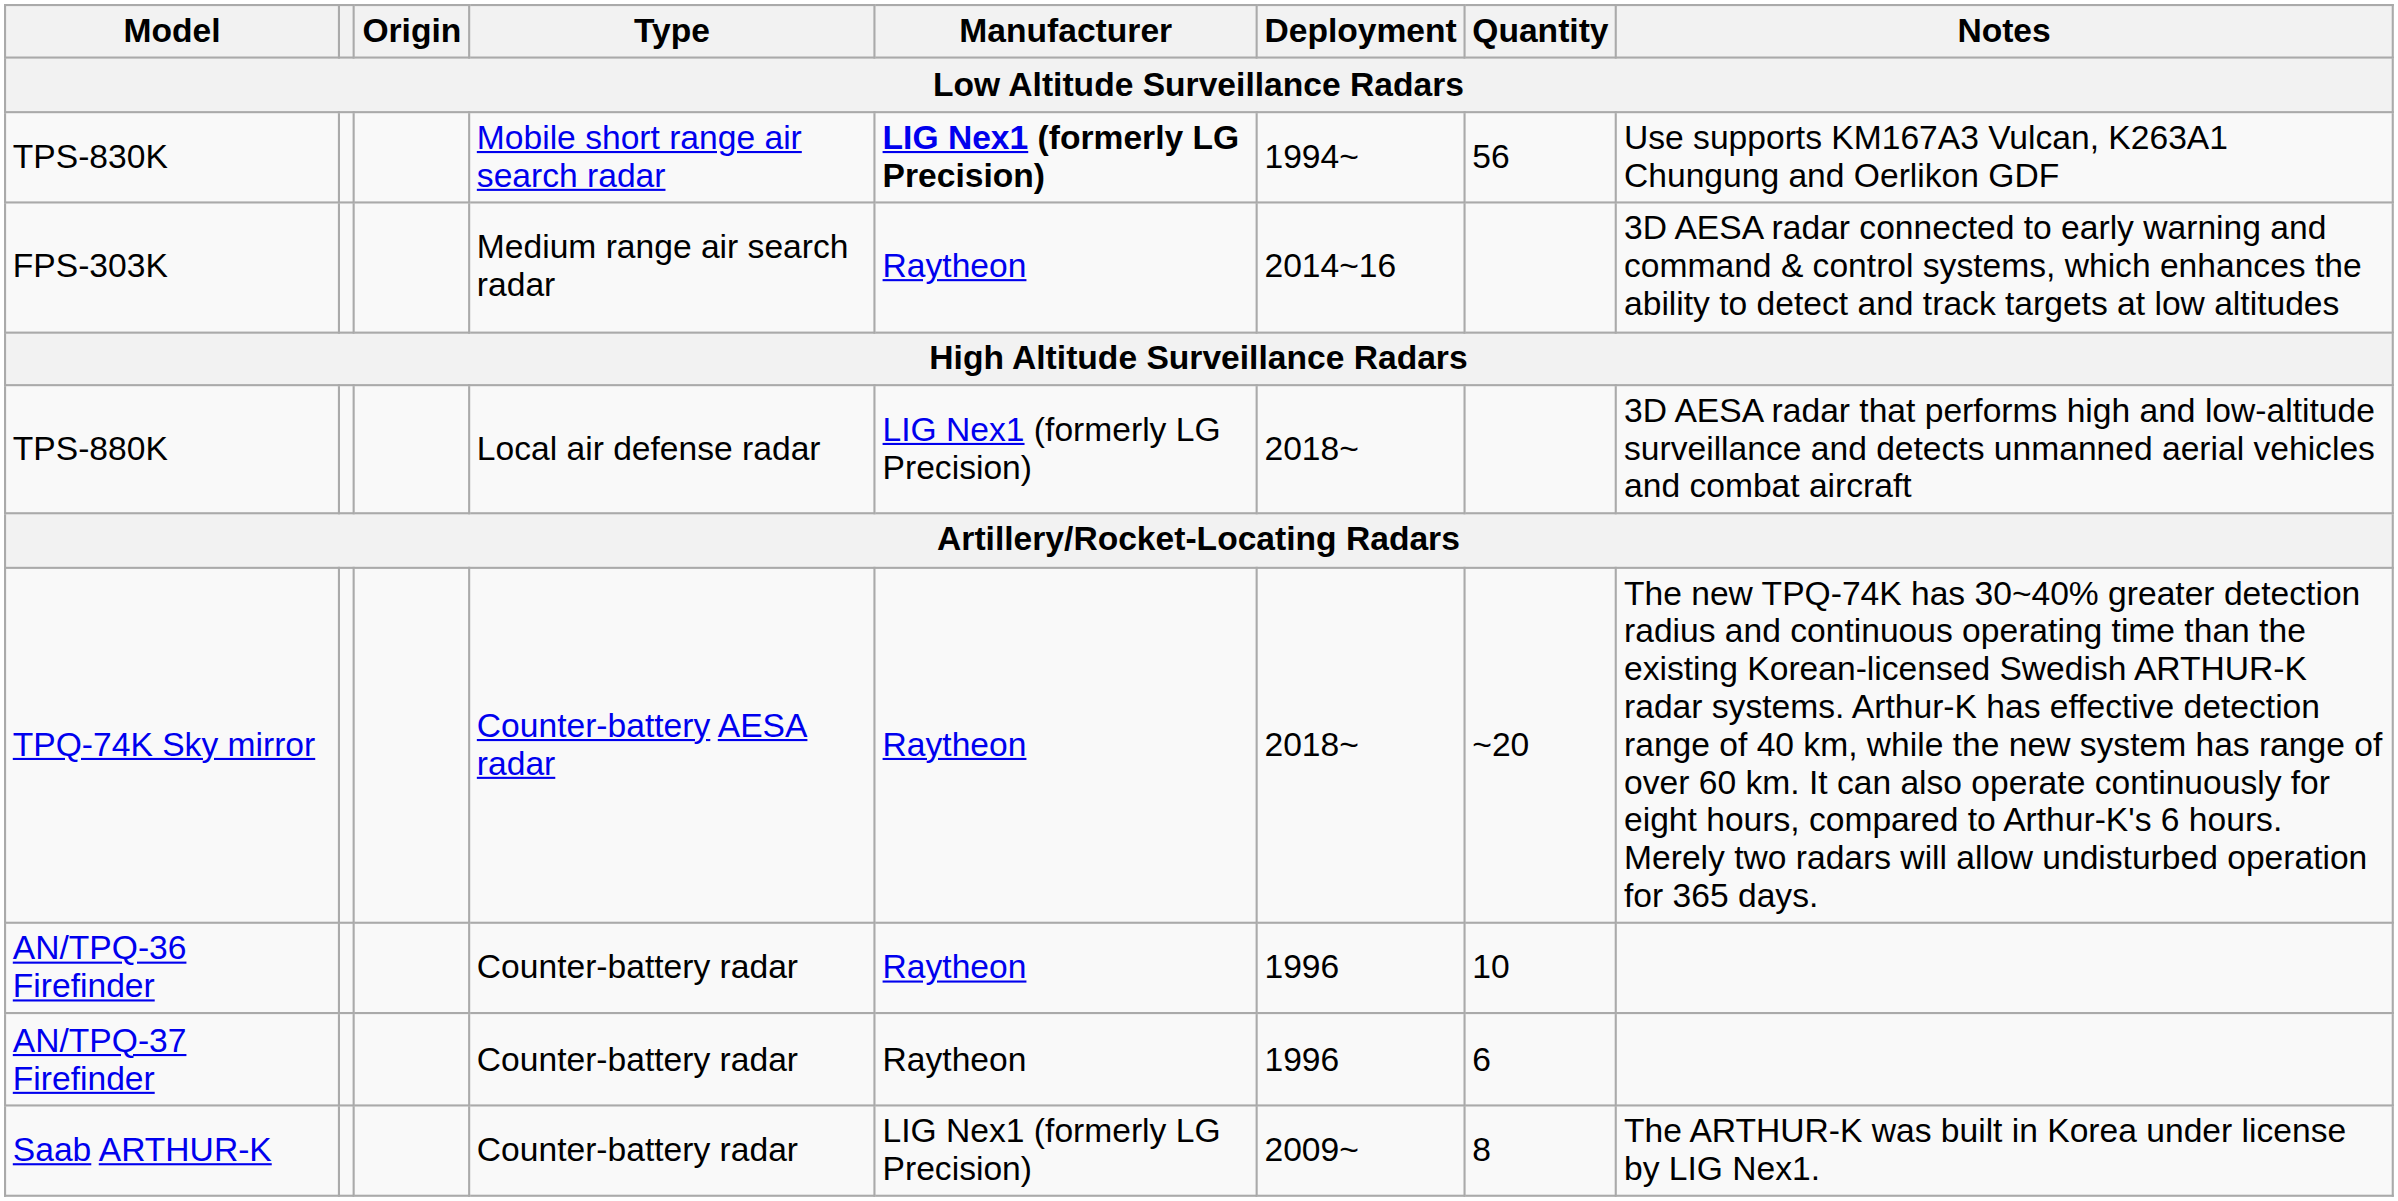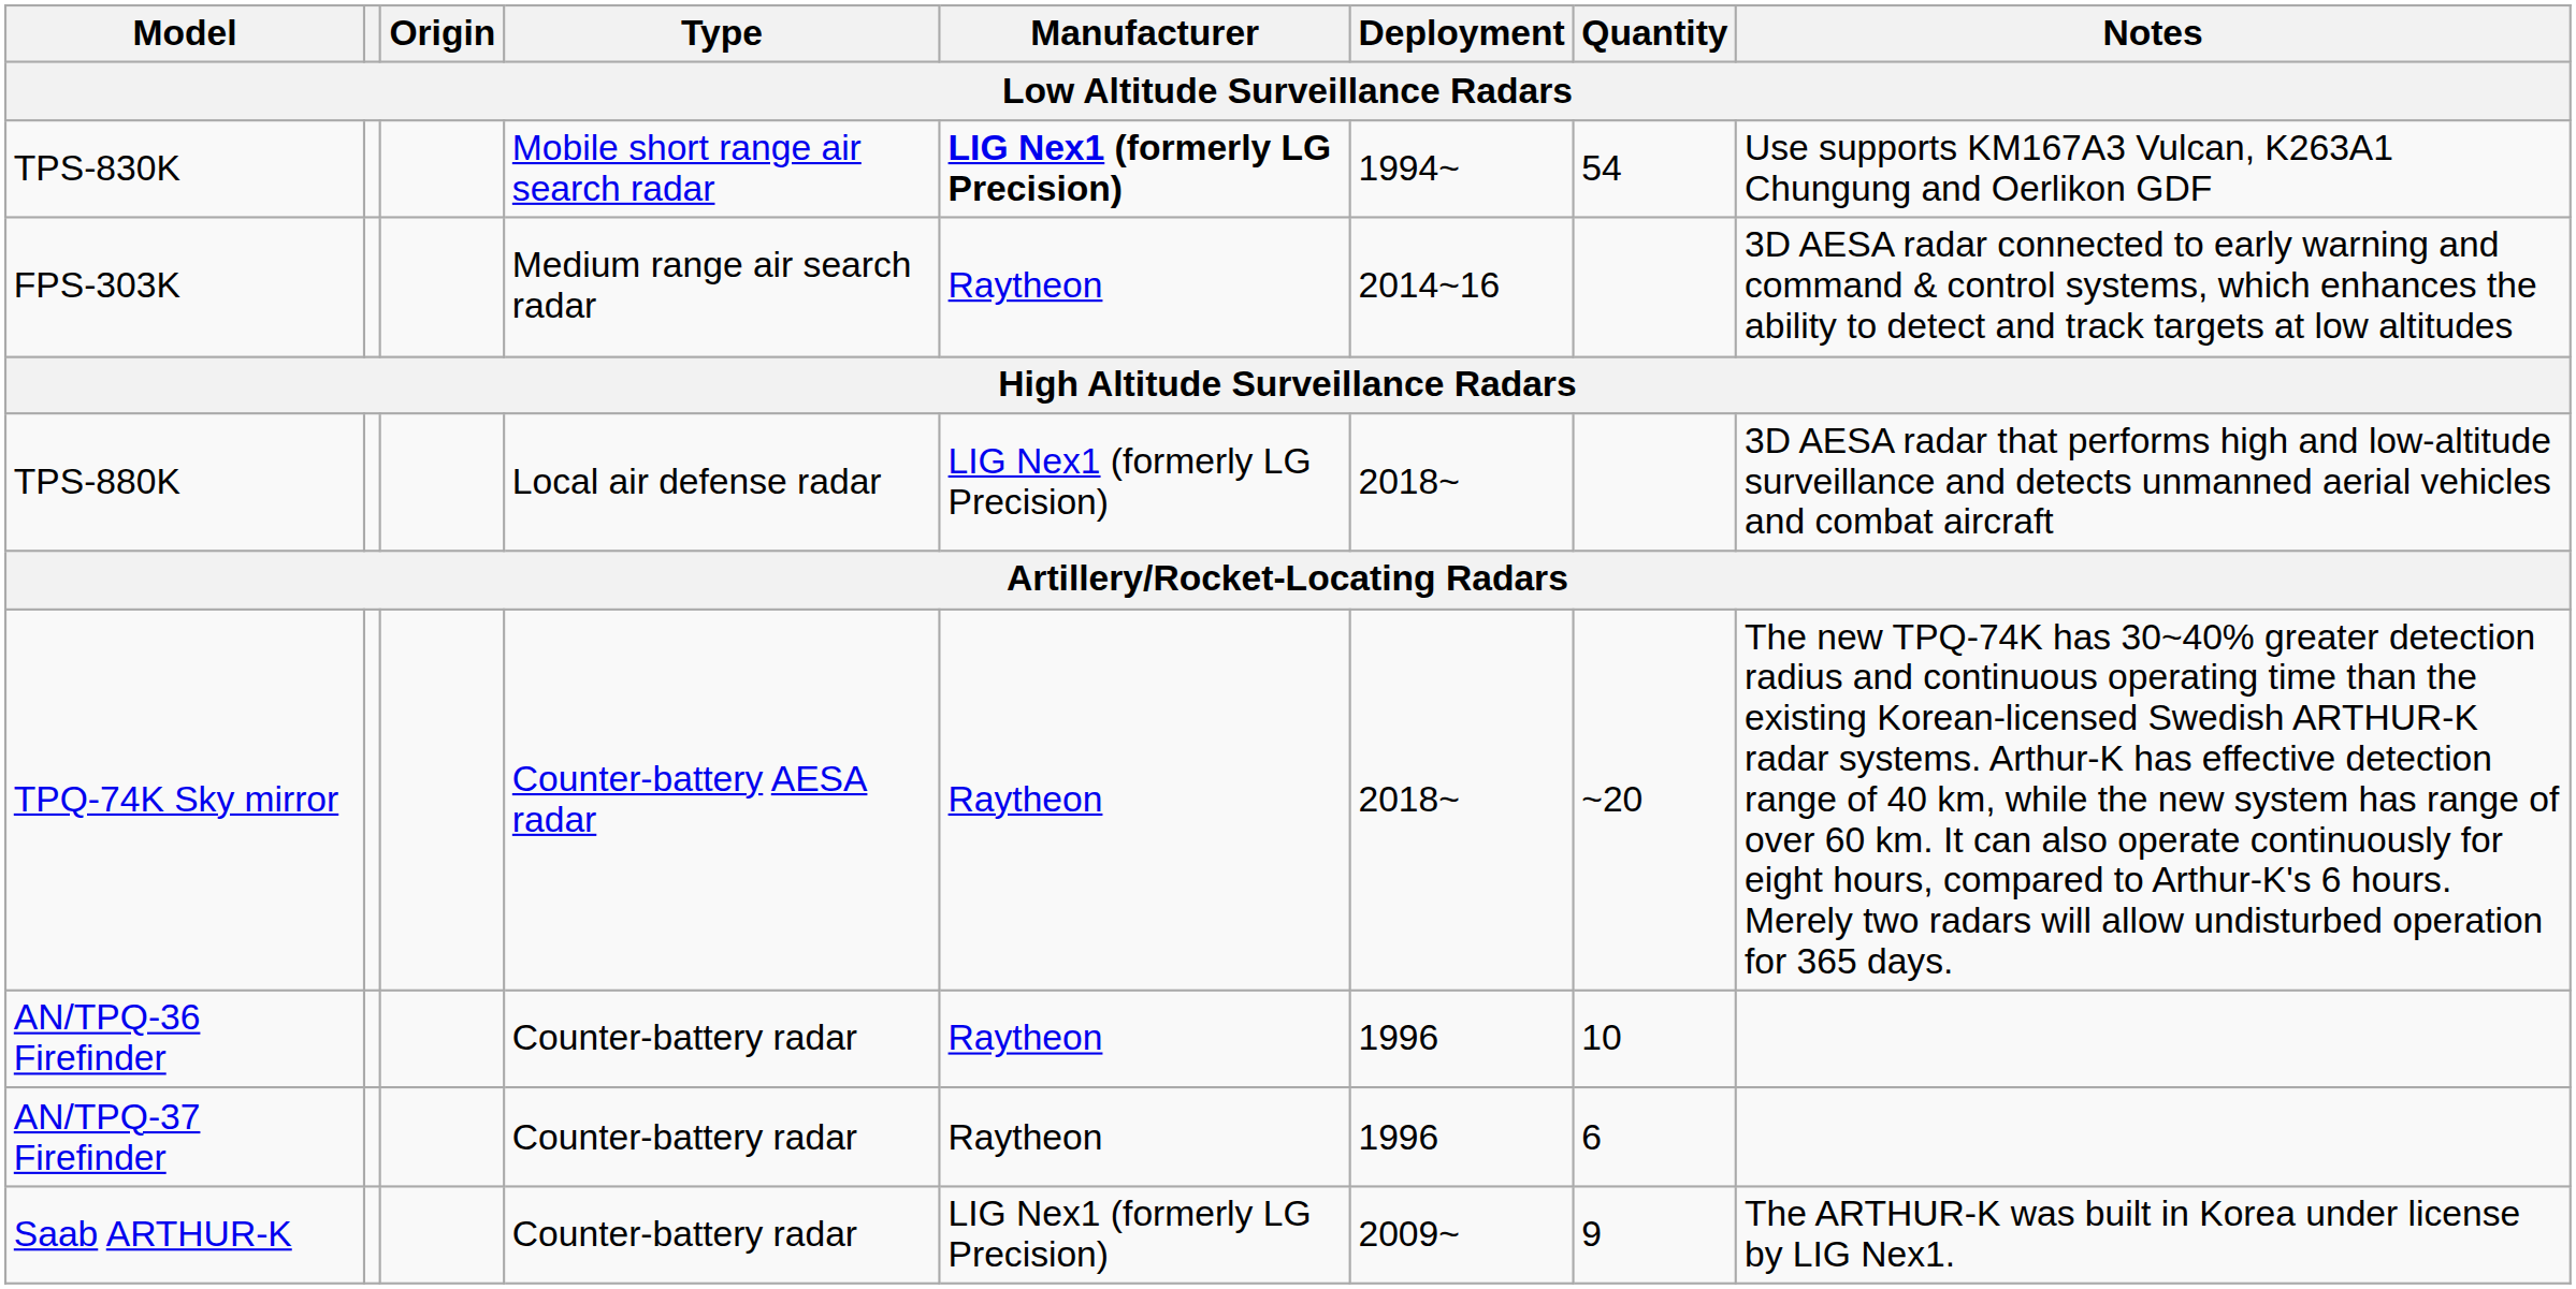 <table class="wikitable sortable" style="width:90%;">
 <tr>
 <th style="width:14%;">Model</th>
 <th></th>
 <th>Origin</th>
 <th style="width:17%;">Type</th>
 <th style="width:16%;">Manufacturer</th>
 <th style="width:7%;">Deployment</th>
 <th style="width:5%;">Quantity</th>
 <th>Notes</th>
 </tr>
 <tr>
 <th colspan="8" style="align: center;">Low Altitude Surveillance Radars</th>
 </tr>
 <tr>
 <td>TPS-830K</td>
 <td></td>
 <td></td>
 <td><a href='#'>Mobile short range air search radar</a></td>
 <td><strong><a href='#'>LIG Nex1</a> (formerly LG Precision)</strong></td>
 <td>1994~</td>
-<td>56</td>
+<td>54</td>
 <td>Use supports KM167A3 Vulcan, K263A1 Chungung and Oerlikon GDF</td>
 </tr>
 <tr>
 <td>FPS-303K</td>
 <td></td>
 <td></td>
 <td>Medium range air search radar</td>
 <td><a href='#'>Raytheon</a></td>
 <td>2014~16</td>
 <td></td>
 <td>3D AESA radar connected to early warning and command & control systems, which enhances the ability to detect and track targets at low altitudes</td>
 </tr>
 <tr>
 <th colspan="8" style="align: center;">High Altitude Surveillance Radars</th>
 </tr>
 <tr>
 <td>TPS-880K</td>
 <td></td>
 <td></td>
 <td>Local air defense radar</td>
 <td><a href='#'>LIG Nex1</a> (formerly LG Precision)</td>
 <td>2018~</td>
 <td></td>
 <td>3D AESA radar that performs high and low-altitude surveillance and detects unmanned aerial vehicles and combat aircraft</td>
 </tr>
 <tr>
 <th colspan="8" style="align: center;">Artillery/Rocket-Locating Radars</th>
 </tr>
 <tr>
 <td><a href='#'>TPQ-74K Sky mirror</a></td>
 <td></td>
 <td></td>
 <td><a href='#'>Counter-battery</a> <a href='#'>AESA radar</a></td>
 <td><a href='#'>Raytheon</a></td>
 <td>2018~</td>
 <td>~20 </td>
 <td>The new TPQ-74K has 30~40% greater detection radius and continuous operating time than the existing Korean-licensed Swedish ARTHUR-K radar systems. Arthur-K has effective detection range of 40 km, while the new system has range of over 60 km. It can also operate continuously for eight hours, compared to Arthur-K's 6 hours. Merely two radars will allow undisturbed operation for 365 days.</td>
 </tr>
 <tr>
 <td><a href='#'>AN/TPQ-36 Firefinder</a></td>
 <td></td>
 <td></td>
 <td>Counter-battery radar</td>
 <td><a href='#'>Raytheon</a></td>
 <td>1996</td>
 <td>10</td>
 <td></td>
 </tr>
 <tr>
 <td><a href='#'>AN/TPQ-37 Firefinder</a></td>
 <td></td>
 <td></td>
 <td>Counter-battery radar</td>
 <td>Raytheon</td>
 <td>1996</td>
 <td>6</td>
 <td></td>
 </tr>
 <tr>
 <td><a href='#'>Saab</a> <a href='#'>ARTHUR-K</a></td>
 <td></td>
 <td><br></td>
 <td>Counter-battery radar</td>
 <td>LIG Nex1 (formerly LG Precision)</td>
 <td>2009~</td>
-<td>8</td>
+<td>9</td>
 <td>The ARTHUR-K was built in Korea under license by LIG Nex1.</td>
 </tr>
 </table>
